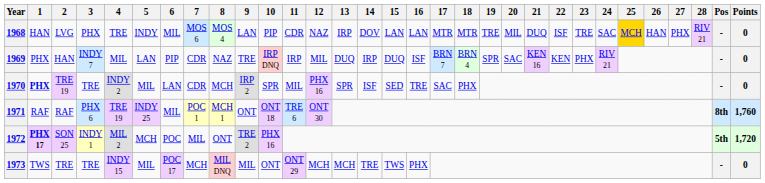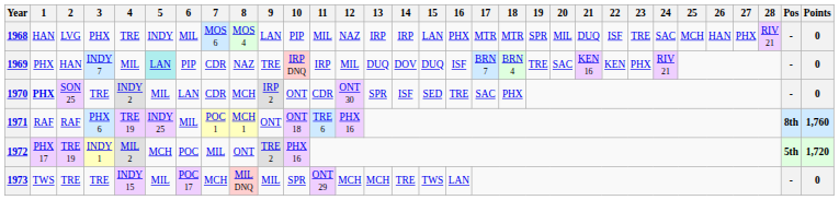 <table class="wikitable" style="text-align:center; font-size:90%">
 <tr>
 <th>Year</th>
 <th>1</th>
 <th>2</th>
 <th>3</th>
 <th>4</th>
 <th>5</th>
 <th>6</th>
 <th>7</th>
 <th>8</th>
 <th>9</th>
 <th>10</th>
 <th>11</th>
 <th>12</th>
 <th>13</th>
 <th>14</th>
 <th>15</th>
 <th>16</th>
 <th>17</th>
 <th>18</th>
 <th>19</th>
 <th>20</th>
 <th>21</th>
 <th>22</th>
 <th>23</th>
 <th>24</th>
 <th>25</th>
 <th>26</th>
 <th>27</th>
 <th>28</th>
 <th>Pos</th>
 <th>Points</th>
 </tr>
 <tr>
 <th><a href='#'>1968</a></th>
 <td><a href='#'>HAN</a></td>
 <td><a href='#'>LVG</a></td>
 <td><a href='#'>PHX</a></td>
 <td><a href='#'>TRE</a></td>
 <td><a href='#'>INDY</a></td>
 <td><a href='#'>MIL</a></td>
 <td style="background:#CFEAFF;"><a href='#'>MOS</a><br><small>6</small></td>
 <td style="background:#DFFFDF;"><a href='#'>MOS</a><br><small>4</small></td>
 <td><a href='#'>LAN</a></td>
 <td><a href='#'>PIP</a></td>
-<td><a href='#'>CDR</a></td>
+<td><a href='#'>MIL</a></td>
 <td><a href='#'>NAZ</a></td>
 <td><a href='#'>IRP</a></td>
-<td><a href='#'>DOV</a></td>
+<td><a href='#'>IRP</a></td>
 <td><a href='#'>LAN</a></td>
-<td><a href='#'>LAN</a></td>
+<td><a href='#'>PHX</a></td>
 <td><a href='#'>MTR</a></td>
 <td><a href='#'>MTR</a></td>
-<td><a href='#'>TRE</a></td>
+<td><a href='#'>SPR</a></td>
 <td><a href='#'>MIL</a></td>
 <td><a href='#'>DUQ</a></td>
 <td><a href='#'>ISF</a></td>
 <td><a href='#'>TRE</a></td>
 <td><a href='#'>SAC</a></td>
-<td style="background: gold;"><a href='#'>MCH</a></td>
+<td><a href='#'>MCH</a></td>
 <td><a href='#'>HAN</a></td>
 <td><a href='#'>PHX</a></td>
 <td style="background:#EFCFFF;"><a href='#'>RIV</a><br><small>21</small></td>
 <th>-</th>
 <th>0</th>
 </tr>
 <tr>
 <th><a href='#'>1969</a></th>
 <td><a href='#'>PHX</a></td>
 <td><a href='#'>HAN</a></td>
 <td style="background:#CFEAFF;"><a href='#'>INDY</a><br><small>7</small></td>
 <td><a href='#'>MIL</a></td>
-<td><a href='#'>LAN</a></td>
+<td style="background: paleturquoise;"><a href='#'>LAN</a></td>
 <td><a href='#'>PIP</a></td>
 <td><a href='#'>CDR</a></td>
 <td><a href='#'>NAZ</a></td>
 <td><a href='#'>TRE</a></td>
 <td style="background:#FFCFCF;"><a href='#'>IRP</a><br><small>DNQ</small></td>
 <td><a href='#'>IRP</a></td>
 <td><a href='#'>MIL</a></td>
 <td><a href='#'>DUQ</a></td>
-<td><a href='#'>IRP</a></td>
+<td><a href='#'>DOV</a></td>
 <td><a href='#'>DUQ</a></td>
 <td><a href='#'>ISF</a></td>
 <td style="background:#CFEAFF;"><a href='#'>BRN</a><br><small>7</small></td>
 <td style="background:#DFFFDF;"><a href='#'>BRN</a><br><small>4</small></td>
-<td><a href='#'>SPR</a></td>
+<td><a href='#'>TRE</a></td>
 <td><a href='#'>SAC</a></td>
 <td style="background:#EFCFFF;"><a href='#'>KEN</a><br><small>16</small></td>
 <td><a href='#'>KEN</a></td>
 <td><a href='#'>PHX</a></td>
 <td style="background:#EFCFFF;"><a href='#'>RIV</a><br><small>21</small></td>
 <td colspan=4></td>
 <th>-</th>
 <th>0</th>
 </tr>
 <tr>
 <th><a href='#'>1970</a></th>
 <td><strong><a href='#'>PHX</a></strong></td>
-<td style="background:#EFCFFF;"><a href='#'>TRE</a><br><small>19</small></td>
+<td style="background:#EFCFFF;"><a href='#'>SON</a><br><small>25</small></td>
 <td><a href='#'>TRE</a></td>
 <td style="background:#DFDFDF;"><a href='#'>INDY</a><br><small>2</small></td>
 <td><a href='#'>MIL</a></td>
 <td><a href='#'>LAN</a></td>
 <td><a href='#'>CDR</a></td>
 <td><a href='#'>MCH</a></td>
 <td style="background:#DFDFDF;"><a href='#'>IRP</a><br><small>2</small></td>
-<td><a href='#'>SPR</a></td>
-<td><a href='#'>MIL</a></td>
-<td style="background:#EFCFFF;"><a href='#'>PHX</a><br><small>16</small></td>
+<td><a href='#'>ONT</a></td>
+<td><a href='#'>CDR</a></td>
+<td style="background:#EFCFFF;"><a href='#'>ONT</a><br><small>30</small></td>
 <td><a href='#'>SPR</a></td>
 <td><a href='#'>ISF</a></td>
 <td><a href='#'>SED</a></td>
 <td><a href='#'>TRE</a></td>
 <td><a href='#'>SAC</a></td>
 <td><a href='#'>PHX</a></td>
 <td colspan=10></td>
 <th>-</th>
 <th>0</th>
 </tr>
 <tr>
 <th><a href='#'>1971</a></th>
 <td><a href='#'>RAF</a></td>
 <td><a href='#'>RAF</a></td>
 <td style="background:#CFEAFF;"><a href='#'>PHX</a><br><small>6</small></td>
 <td style="background:#EFCFFF;"><a href='#'>TRE</a><br><small>19</small></td>
 <td style="background:#EFCFFF;"><a href='#'>INDY</a><br><small>25</small></td>
 <td><a href='#'>MIL</a></td>
 <td style="background:#FFFFBF;"><a href='#'>POC</a><br><small>1</small></td>
 <td style="background:#FFFFBF;"><a href='#'>MCH</a><br><small>1</small></td>
 <td><a href='#'>ONT</a></td>
 <td style="background:#EFCFFF;"><a href='#'>ONT</a><br><small>18</small></td>
 <td style="background:#CFEAFF;"><a href='#'>TRE</a><br><small>6</small></td>
-<td style="background:#EFCFFF;"><a href='#'>ONT</a><br><small>30</small></td>
+<td style="background:#EFCFFF;"><a href='#'>PHX</a><br><small>16</small></td>
 <td colspan=16></td>
 <th style="background:#CFEAFF;">8th</th>
 <th style="background:#CFEAFF;">1,760</th>
 </tr>
 <tr>
 <th><a href='#'>1972</a></th>
-<td style="background:#EFCFFF;"><strong><a href='#'>PHX</a><br><small>17</small></strong></td>
-<td style="background:#EFCFFF;"><a href='#'>SON</a><br><small>25</small></td>
+<td style="background:#EFCFFF;"><a href='#'>PHX</a><br><small>17</small></td>
+<td style="background:#EFCFFF;"><a href='#'>TRE</a><br><small>19</small></td>
 <td style="background:#FFFFBF;"><a href='#'>INDY</a><br><small>1</small></td>
 <td style="background:#DFDFDF;"><a href='#'>MIL</a><br><small>2</small></td>
 <td><a href='#'>MCH</a></td>
 <td><a href='#'>POC</a></td>
 <td><a href='#'>MIL</a></td>
 <td><a href='#'>ONT</a></td>
 <td style="background:#DFDFDF;"><a href='#'>TRE</a><br><small>2</small></td>
 <td style="background:#EFCFFF;"><a href='#'>PHX</a><br><small>16</small></td>
 <td colspan=18></td>
 <th style="background:#DFFFDF;">5th</th>
 <th style="background:#DFFFDF;">1,720</th>
 </tr>
 <tr>
 <th><a href='#'>1973</a></th>
 <td><a href='#'>TWS</a></td>
 <td><a href='#'>TRE</a></td>
 <td><a href='#'>TRE</a></td>
 <td style="background:#EFCFFF;"><a href='#'>INDY</a><br><small>15</small></td>
 <td><a href='#'>MIL</a></td>
 <td style="background:#EFCFFF;"><a href='#'>POC</a><br><small>17</small></td>
 <td><a href='#'>MCH</a></td>
 <td style="background:#FFCFCF;"><a href='#'>MIL</a><br><small>DNQ</small></td>
 <td><a href='#'>MIL</a></td>
-<td><a href='#'>ONT</a></td>
+<td><a href='#'>SPR</a></td>
 <td style="background:#EFCFFF;"><a href='#'>ONT</a><br><small>29</small></td>
 <td><a href='#'>MCH</a></td>
 <td><a href='#'>MCH</a></td>
 <td><a href='#'>TRE</a></td>
 <td><a href='#'>TWS</a></td>
-<td><a href='#'>PHX</a></td>
+<td><a href='#'>LAN</a></td>
 <td colspan=12></td>
 <th>-</th>
 <th>0</th>
 </tr>
 </table>
